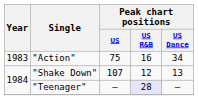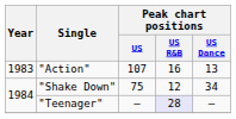 <table class="wikitable" style="text-align:center;">
 <tr>
 <th rowspan="2">Year</th>
 <th rowspan="2">Single</th>
 <th colspan="3">Peak chart positions</th>
 </tr>
 <tr style="font-size:smaller;">
 <th width="40"><a href='#'>US</a><br></th>
 <th width="40"><a href='#'>US<br>R&B</a><br></th>
 <th width="40"><a href='#'>US<br>Dance</a><br></th>
 </tr>
 <tr>
 <td rowspan="1">1983</td>
 <td align="left">"Action"</td>
-<td>75</td>
+<td>107</td>
 <td>16</td>
-<td>34</td>
+<td>13</td>
 </tr>
 <tr>
 <td rowspan="2">1984</td>
 <td align="left">"Shake Down"</td>
-<td>107</td>
+<td>75</td>
 <td>12</td>
-<td>13</td>
+<td>34</td>
 </tr>
 <tr>
 <td align="left">"Teenager"</td>
 <td>—</td>
 <td style="background: lavender;">28</td>
 <td>—</td>
 </tr>
 <tr>
 </tr>
 </table>
